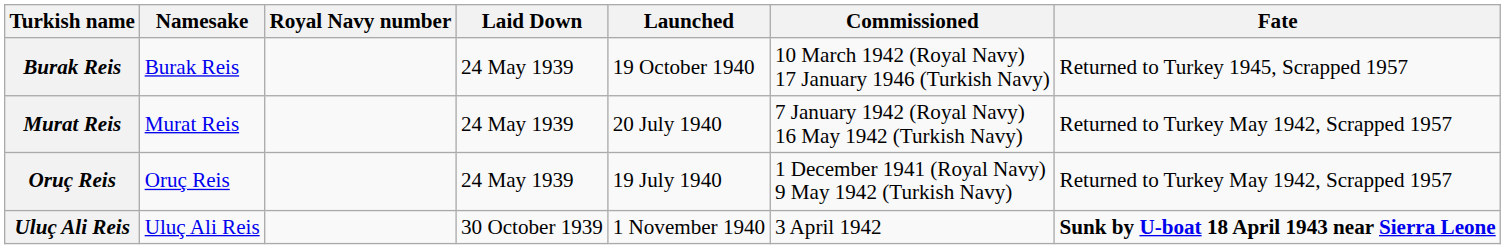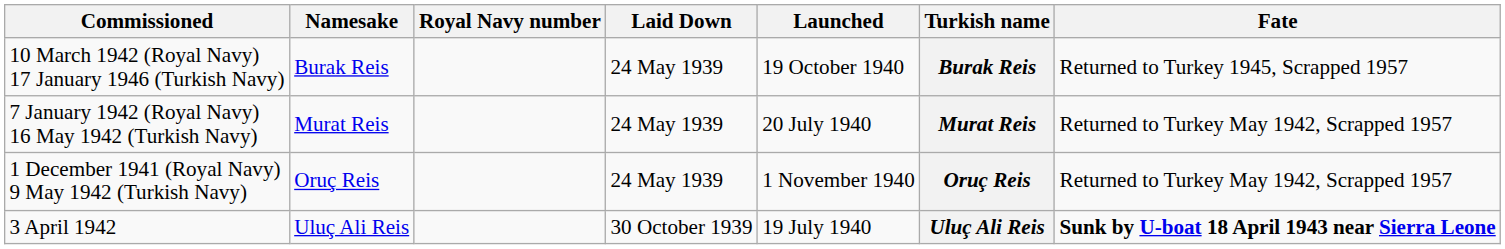 <table class="wikitable plainrowheaders">
 <tr>
-<th scope="col">Turkish name</th>
+<th scope="col">Commissioned</th>
 <th scope="col">Namesake</th>
 <th scope="col">Royal Navy number</th>
 <th scope="col">Laid Down</th>
 <th scope="col">Launched</th>
-<th scope="col">Commissioned</th>
+<th scope="col">Turkish name</th>
 <th scope="col">Fate</th>
 </tr>
 <tr>
-<th scope="row"><em>Burak Reis</em></th>
+<td>10 March 1942 (Royal Navy)<br>17 January 1946 (Turkish Navy)</td>
 <td><a href='#'>Burak Reis</a></td>
 <td></td>
 <td>24 May 1939</td>
 <td>19 October 1940</td>
-<td>10 March 1942 (Royal Navy)<br>17 January 1946 (Turkish Navy)</td>
+<th scope="row"><em>Burak Reis</em></th>
 <td>Returned to Turkey 1945, Scrapped 1957</td>
 </tr>
 <tr>
-<th scope="row"><em>Murat Reis</em></th>
+<td>7 January 1942 (Royal Navy)<br>16 May 1942 (Turkish Navy)</td>
 <td><a href='#'>Murat Reis</a></td>
 <td></td>
 <td>24 May 1939</td>
 <td>20 July 1940</td>
-<td>7 January 1942 (Royal Navy)<br>16 May 1942 (Turkish Navy)</td>
+<th scope="row"><em>Murat Reis</em></th>
 <td>Returned to Turkey May 1942, Scrapped 1957</td>
 </tr>
 <tr>
-<th scope="row"><em>Oruç Reis</em></th>
+<td>1 December 1941 (Royal Navy)<br>9 May 1942 (Turkish Navy)</td>
 <td><a href='#'>Oruç Reis</a></td>
 <td></td>
 <td>24 May 1939</td>
-<td>19 July 1940</td>
-<td>1 December 1941 (Royal Navy)<br>9 May 1942 (Turkish Navy)</td>
+<td>1 November 1940</td>
+<th scope="row"><em>Oruç Reis</em></th>
 <td>Returned to Turkey May 1942, Scrapped 1957</td>
 </tr>
 <tr>
-<th scope="row"><em>Uluç Ali Reis</em></th>
+<td>3 April 1942</td>
 <td><a href='#'>Uluç Ali Reis</a></td>
 <td></td>
 <td>30 October 1939</td>
-<td>1 November 1940</td>
-<td>3 April 1942</td>
+<td>19 July 1940</td>
+<th scope="row"><em>Uluç Ali Reis</em></th>
 <td><strong>Sunk by <a href='#'>U-boat</a>  18 April 1943 near <a href='#'>Sierra Leone</a></strong></td>
 </tr>
 </table>
